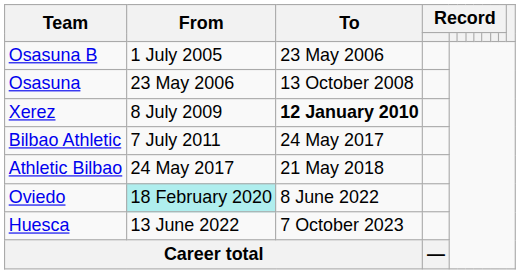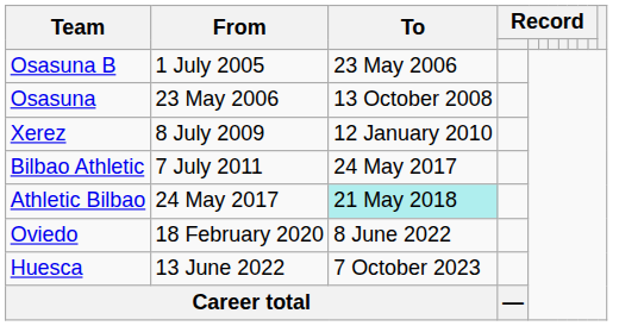 <table class="wikitable" style="text-align: center">
 <tr>
 <th rowspan="2">Team</th>
 <th rowspan="2">From</th>
 <th rowspan="2">To</th>
 <th colspan="8">Record</th>
 <th rowspan=2></th>
 </tr>
 <tr>
 <th></th>
 <th></th>
 <th></th>
 <th></th>
 <th></th>
 <th></th>
 <th></th>
 <th></th>
 </tr>
 <tr>
 <td align="left"><a href='#'>Osasuna B</a></td>
 <td align=left>1 July 2005</td>
 <td align=left>23 May 2006<br></td>
 <td></td>
 </tr>
 <tr>
 <td align="left"><a href='#'>Osasuna</a></td>
 <td align=left>23 May 2006</td>
 <td align=left>13 October 2008<br></td>
 <td></td>
 </tr>
 <tr>
 <td align="left"><a href='#'>Xerez</a></td>
 <td align=left>8 July 2009</td>
-<td align=left><strong>12 January 2010<br></strong></td>
+<td align=left>12 January 2010<br></td>
 <td></td>
 </tr>
 <tr>
 <td align="left"><a href='#'>Bilbao Athletic</a></td>
 <td align=left>7 July 2011</td>
 <td align=left>24 May 2017<br></td>
 <td></td>
 </tr>
 <tr>
 <td align="left"><a href='#'>Athletic Bilbao</a></td>
 <td align=left>24 May 2017</td>
-<td align=left>21 May 2018<br></td>
+<td align=left style="background: paleturquoise;">21 May 2018<br></td>
 <td></td>
 </tr>
 <tr>
 <td align="left"><a href='#'>Oviedo</a></td>
-<td align=left style="background: paleturquoise;">18 February 2020</td>
+<td align=left>18 February 2020</td>
 <td align=left>8 June 2022<br></td>
 <td></td>
 </tr>
 <tr>
 <td align="left"><a href='#'>Huesca</a></td>
 <td align=left>13 June 2022</td>
 <td align=left>7 October 2023<br></td>
 <td></td>
 </tr>
 <tr>
 <th colspan="3">Career total<br></th>
 <th>—</th>
 </tr>
 </table>
